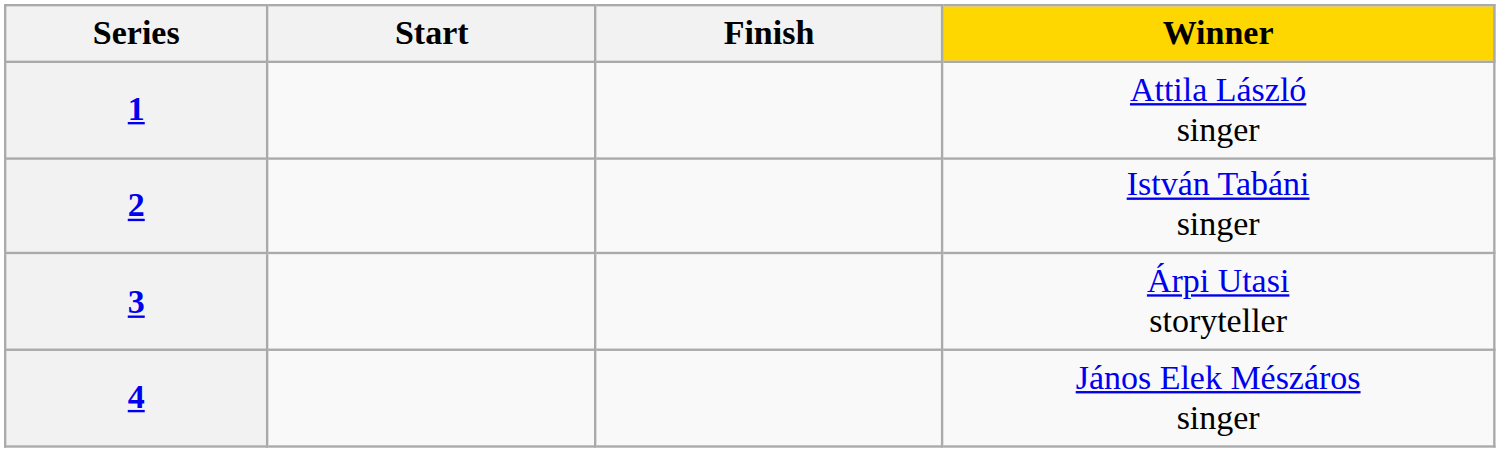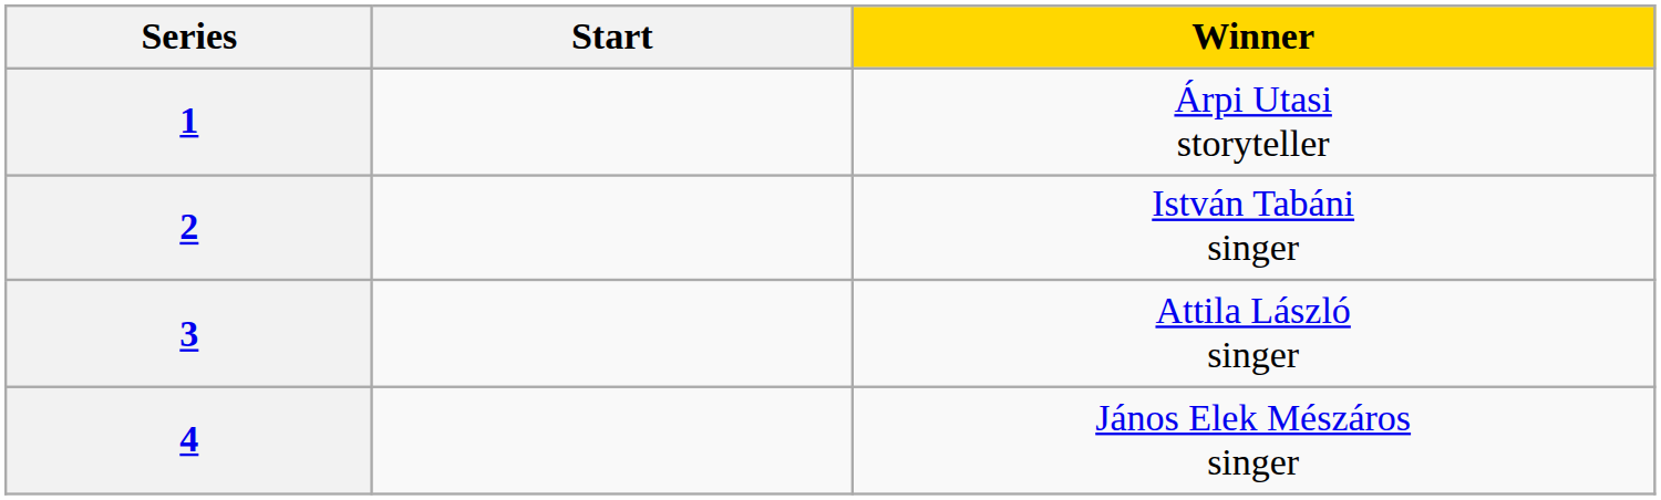 <table class="wikitable" style="text-align:center; font-size:90%; width: 50%;">
 <tr>
 <th style="width:4%;">Series</th>
 <th style="width:6%;">Start</th>
-<th style="width:6%;">Finish</th>
 <th style="width:10%; background:gold;" align="center">Winner</th>
 </tr>
 <tr>
 <th scope="row"><a href='#'>1</a></th>
 <td></td>
-<td></td>
-<td><a href='#'>Attila László</a><br>singer</td>
+<td><a href='#'>Árpi Utasi</a><br>storyteller</td>
 </tr>
 <tr>
 <th scope="row"><a href='#'>2</a></th>
-<td></td>
 <td></td>
 <td><a href='#'>István Tabáni</a><br>singer</td>
 </tr>
 <tr>
 <th scope="row"><a href='#'>3</a></th>
 <td></td>
-<td></td>
-<td><a href='#'>Árpi Utasi</a><br>storyteller</td>
+<td><a href='#'>Attila László</a><br>singer</td>
 </tr>
 <tr>
 <th scope="row"><a href='#'>4</a></th>
 <td></td>
-<td></td>
 <td><a href='#'>János Elek Mészáros</a><br>singer</td>
 </tr>
 </table>
